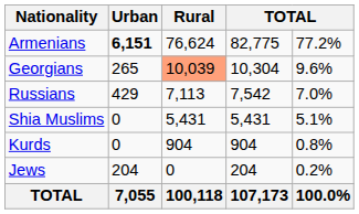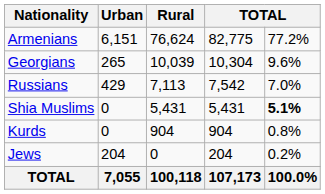 <table class="wikitable sortable">
 <tr>
 <th>Nationality</th>
 <th>Urban</th>
 <th>Rural</th>
 <th colspan="2">TOTAL</th>
 </tr>
 <tr>
 <td><a href='#'>Armenians</a></td>
-<td><strong>6,151</strong></td>
+<td>6,151</td>
 <td>76,624</td>
 <td>82,775</td>
 <td>77.2%</td>
 </tr>
 <tr>
 <td><a href='#'>Georgians</a></td>
 <td>265</td>
-<td style="background: lightsalmon;">10,039</td>
+<td>10,039</td>
 <td>10,304</td>
 <td>9.6%</td>
 </tr>
 <tr>
 <td><a href='#'>Russians</a></td>
 <td>429</td>
 <td>7,113</td>
 <td>7,542</td>
 <td>7.0%</td>
 </tr>
 <tr>
 <td><a href='#'>Shia Muslims</a></td>
 <td>0</td>
 <td>5,431</td>
 <td>5,431</td>
-<td>5.1%</td>
+<td><strong>5.1%</strong></td>
 </tr>
 <tr>
 <td><a href='#'>Kurds</a></td>
 <td>0</td>
 <td>904</td>
 <td>904</td>
 <td>0.8%</td>
 </tr>
 <tr>
 <td><a href='#'>Jews</a></td>
 <td>204</td>
 <td>0</td>
 <td>204</td>
 <td>0.2%</td>
 </tr>
 <tr>
 <th>TOTAL</th>
 <th>7,055</th>
 <th>100,118</th>
 <th><strong>107,173</strong></th>
 <th>100.0%</th>
 </tr>
 </table>
